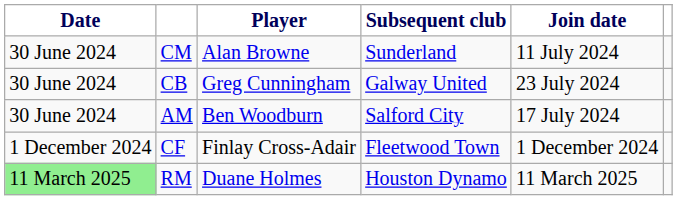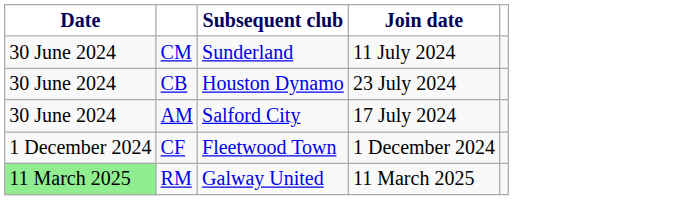 <table class="wikitable plainrowheaders sortable">
 <tr>
 <th style="background-color:#ffffff;color:#00005a; ">Date</th>
 <th style="background-color:#ffffff;color:#00005a; "></th>
-<th style="background-color:#ffffff;color:#00005a; ">Player</th>
 <th style="background-color:#ffffff;color:#00005a; ">Subsequent club</th>
 <th style="background-color:#ffffff;color:#00005a; ">Join date</th>
 <th style="background-color:#ffffff;color:#00005a; "></th>
 </tr>
 <tr>
 <td>30 June 2024</td>
 <td><a href='#'>CM</a></td>
-<td> <a href='#'>Alan Browne</a></td>
 <td> <a href='#'>Sunderland</a></td>
 <td>11 July 2024</td>
 <td></td>
 </tr>
 <tr>
 <td>30 June 2024</td>
 <td><a href='#'>CB</a></td>
-<td> <a href='#'>Greg Cunningham</a></td>
-<td> <a href='#'>Galway United</a></td>
+<td>  <a href='#'>Houston Dynamo</a></td>
 <td>23 July 2024</td>
 <td></td>
 </tr>
 <tr>
 <td>30 June 2024</td>
 <td><a href='#'>AM</a></td>
-<td> <a href='#'>Ben Woodburn</a></td>
 <td> <a href='#'>Salford City</a></td>
 <td>17 July 2024</td>
 <td></td>
 </tr>
 <tr>
 <td>1 December 2024</td>
 <td><a href='#'>CF</a></td>
-<td> Finlay Cross-Adair</td>
 <td> <a href='#'>Fleetwood Town</a></td>
 <td>1 December 2024</td>
 <td></td>
 </tr>
 <tr>
 <td style="background: lightgreen;">11 March 2025</td>
 <td><a href='#'>RM</a></td>
-<td> <a href='#'>Duane Holmes</a></td>
-<td>  <a href='#'>Houston Dynamo</a></td>
+<td> <a href='#'>Galway United</a></td>
 <td>11 March 2025</td>
 <td></td>
 </tr>
 </table>
